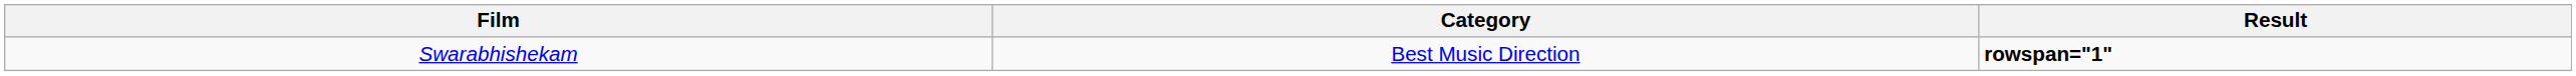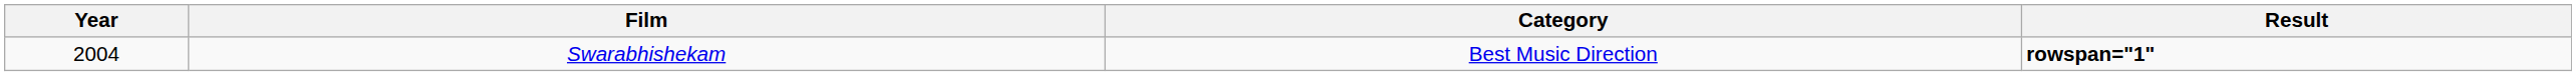 <table class="wikitable" style="width:100%;">
 <tr>
+<th width=5%>Year</th>
 <th style="width:25%;">Film</th>
 <th style="width:25%;">Category</th>
 <th style="width:15%;">Result</th>
 </tr>
 <tr>
+<td style="text-align:center;">2004</td>
 <td style="text-align:center;"><em><a href='#'>Swarabhishekam</a></em></td>
 <td style="text-align:center;"><a href='#'>Best Music Direction</a></td>
 <td><strong>rowspan="1" </strong></td>
 </tr>
 </table>
